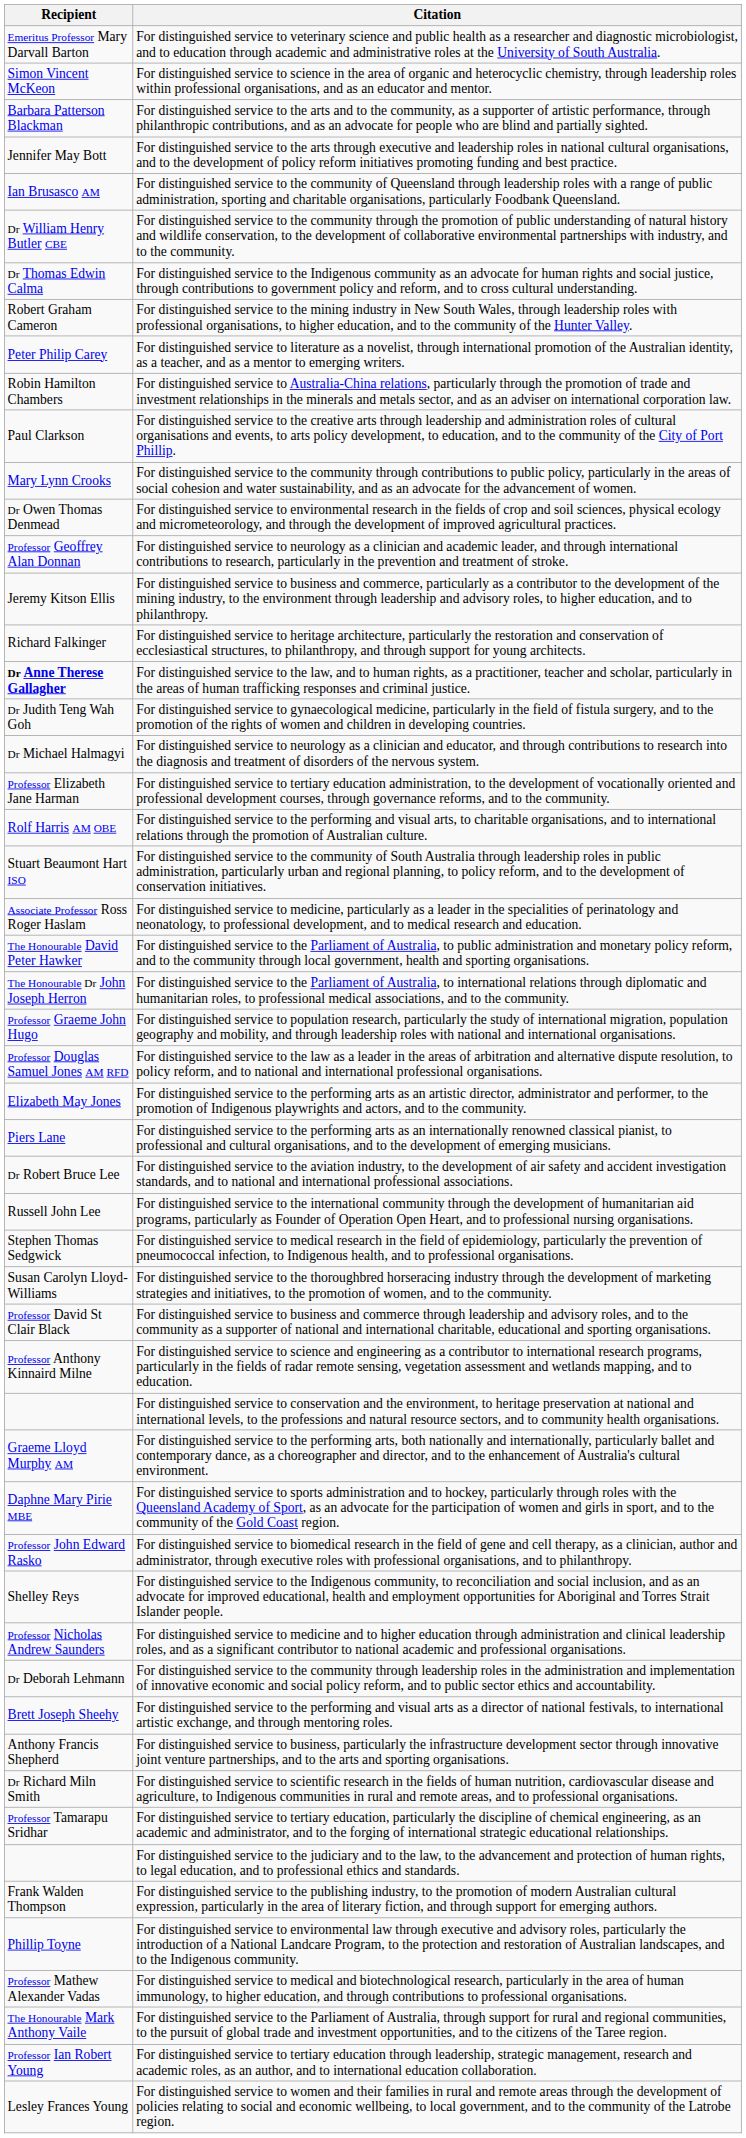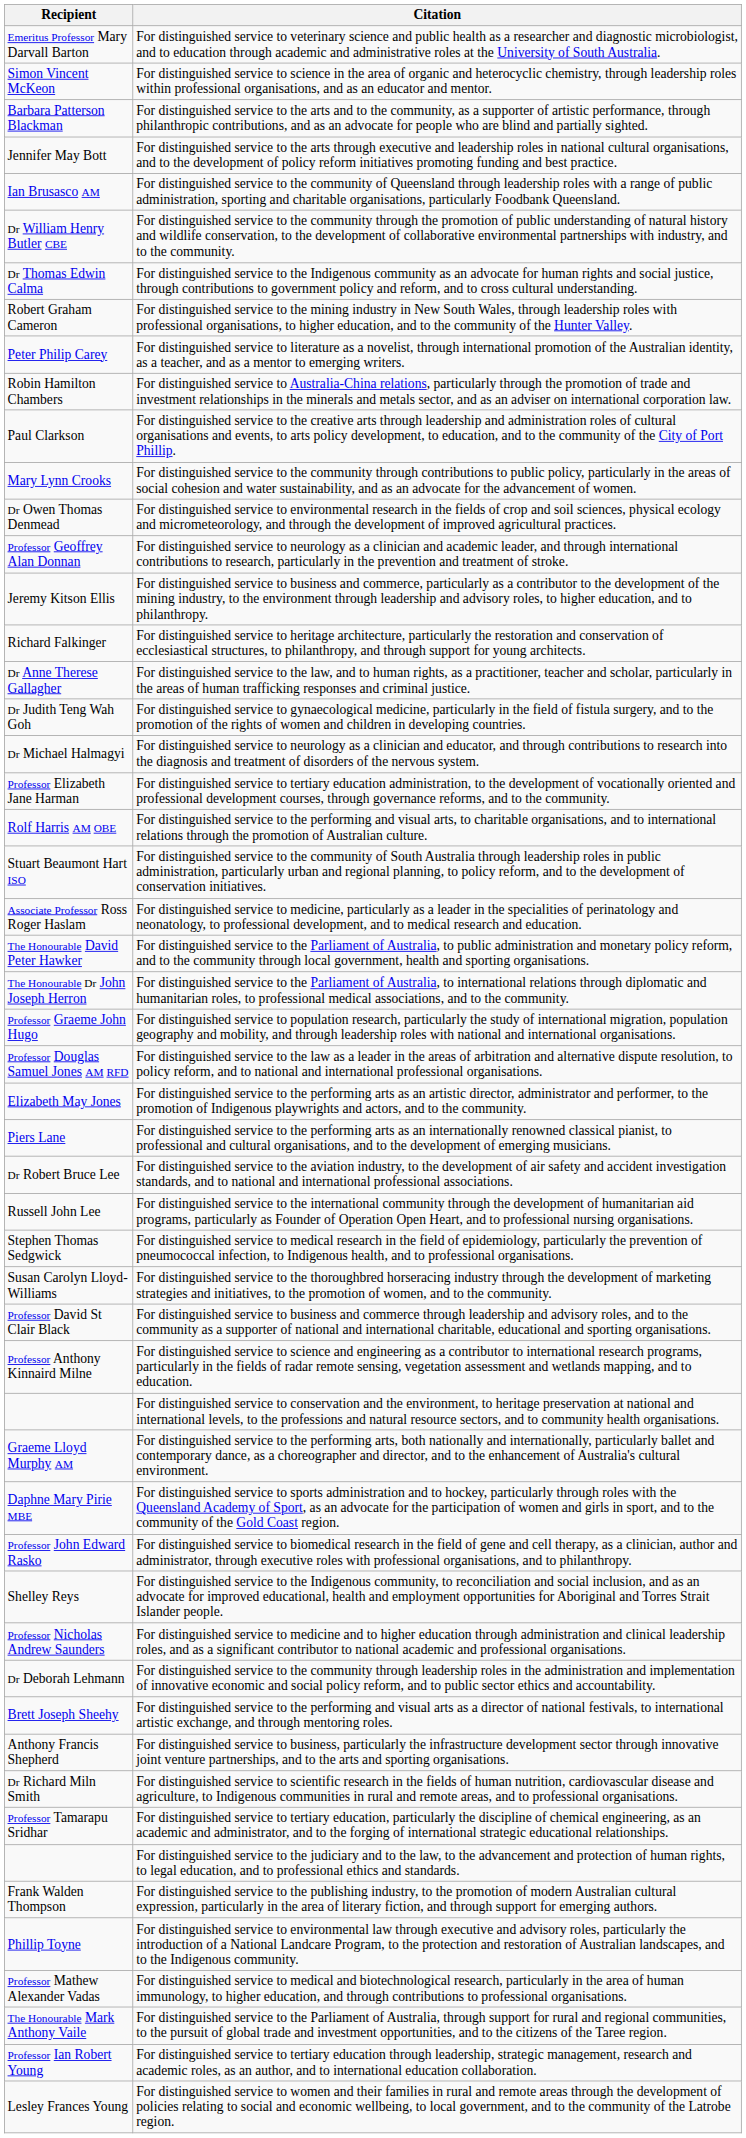 <table class=wikitable>
 <tr>
 <th>Recipient</th>
 <th>Citation</th>
 </tr>
 <tr>
 <td><small><a href='#'>Emeritus Professor</a></small> Mary Darvall Barton</td>
 <td>For distinguished service to veterinary science and public health as a researcher and diagnostic microbiologist, and to education through academic and administrative roles at the <a href='#'>University of South Australia</a>.</td>
 </tr>
 <tr>
 <td><a href='#'>Simon Vincent McKeon</a></td>
 <td>For distinguished service to science in the area of organic and heterocyclic chemistry, through leadership roles within professional organisations, and as an educator and mentor.</td>
 </tr>
 <tr>
 <td><a href='#'>Barbara Patterson Blackman</a></td>
 <td>For distinguished service to the arts and to the community, as a supporter of artistic performance, through philanthropic contributions, and as an advocate for people who are blind and partially sighted.</td>
 </tr>
 <tr>
 <td>Jennifer May Bott</td>
 <td>For distinguished service to the arts through executive and leadership roles in national cultural organisations, and to the development of policy reform initiatives promoting funding and best practice.</td>
 </tr>
 <tr>
 <td><a href='#'>Ian Brusasco</a> <small><a href='#'>AM</a></small></td>
 <td>For distinguished service to the community of Queensland through leadership roles with a range of public administration, sporting and charitable organisations, particularly Foodbank Queensland.</td>
 </tr>
 <tr>
 <td><small>Dr</small> <a href='#'>William Henry Butler</a> <small><a href='#'>CBE</a></small></td>
 <td>For distinguished service to the community through the promotion of public understanding of natural history and wildlife conservation, to the development of collaborative environmental partnerships with industry, and to the community.</td>
 </tr>
 <tr>
 <td><small>Dr</small> <a href='#'>Thomas Edwin Calma</a></td>
 <td>For distinguished service to the Indigenous community as an advocate for human rights and social justice, through contributions to government policy and reform, and to cross cultural understanding.</td>
 </tr>
 <tr>
 <td>Robert Graham Cameron</td>
 <td>For distinguished service to the mining industry in New South Wales, through leadership roles with professional organisations, to higher education, and to the community of the <a href='#'>Hunter Valley</a>.</td>
 </tr>
 <tr>
 <td><a href='#'>Peter Philip Carey</a></td>
 <td>For distinguished service to literature as a novelist, through international promotion of the Australian identity, as a teacher, and as a mentor to emerging writers.</td>
 </tr>
 <tr>
 <td>Robin Hamilton Chambers</td>
 <td>For distinguished service to <a href='#'>Australia-China relations</a>, particularly through the promotion of trade and investment relationships in the minerals and metals sector, and as an adviser on international corporation law.</td>
 </tr>
 <tr>
 <td>Paul Clarkson</td>
 <td>For distinguished service to the creative arts through leadership and administration roles of cultural organisations and events, to arts policy development, to education, and to the community of the <a href='#'>City of Port Phillip</a>.</td>
 </tr>
 <tr>
 <td><a href='#'>Mary Lynn Crooks</a></td>
 <td>For distinguished service to the community through contributions to public policy, particularly in the areas of social cohesion and water sustainability, and as an advocate for the advancement of women.</td>
 </tr>
 <tr>
 <td><small>Dr</small> Owen Thomas Denmead</td>
 <td>For distinguished service to environmental research in the fields of crop and soil sciences, physical ecology and micrometeorology, and through the development of improved agricultural practices.</td>
 </tr>
 <tr>
 <td><small><a href='#'>Professor</a></small> <a href='#'>Geoffrey Alan Donnan</a></td>
 <td>For distinguished service to neurology as a clinician and academic leader, and through international contributions to research, particularly in the prevention and treatment of stroke.</td>
 </tr>
 <tr>
 <td>Jeremy Kitson Ellis</td>
 <td>For distinguished service to business and commerce, particularly as a contributor to the development of the mining industry, to the environment through leadership and advisory roles, to higher education, and to philanthropy.</td>
 </tr>
 <tr>
 <td>Richard Falkinger</td>
 <td>For distinguished service to heritage architecture, particularly the restoration and conservation of ecclesiastical structures, to philanthropy, and through support for young architects.</td>
 </tr>
 <tr>
-<td><strong><small>Dr</small> <a href='#'>Anne Therese Gallagher</a></strong></td>
+<td><small>Dr</small> <a href='#'>Anne Therese Gallagher</a></td>
 <td>For distinguished service to the law, and to human rights, as a practitioner, teacher and scholar, particularly in the areas of human trafficking responses and criminal justice.</td>
 </tr>
 <tr>
 <td><small>Dr</small> Judith Teng Wah Goh</td>
 <td>For distinguished service to gynaecological medicine, particularly in the field of fistula surgery, and to the promotion of the rights of women and children in developing countries.</td>
 </tr>
 <tr>
 <td><small>Dr</small> Michael Halmagyi</td>
 <td>For distinguished service to neurology as a clinician and educator, and through contributions to research into the diagnosis and treatment of disorders of the nervous system.</td>
 </tr>
 <tr>
 <td><small><a href='#'>Professor</a></small> Elizabeth Jane Harman</td>
 <td>For distinguished service to tertiary education administration, to the development of vocationally oriented and professional development courses, through governance reforms, and to the community.</td>
 </tr>
 <tr>
 <td><a href='#'>Rolf Harris</a> <small><a href='#'>AM</a> <a href='#'>OBE</a></small></td>
 <td>For distinguished service to the performing and visual arts, to charitable organisations, and to international relations through the promotion of Australian culture.</td>
 </tr>
 <tr>
 <td>Stuart Beaumont Hart <small><a href='#'>ISO</a></small></td>
 <td>For distinguished service to the community of South Australia through leadership roles in public administration, particularly urban and regional planning, to policy reform, and to the development of conservation initiatives.</td>
 </tr>
 <tr>
 <td><small><a href='#'>Associate Professor</a></small> Ross Roger Haslam</td>
 <td>For distinguished service to medicine, particularly as a leader in the specialities of perinatology and neonatology, to professional development, and to medical research and education.</td>
 </tr>
 <tr>
 <td><small><a href='#'>The Honourable</a></small> <a href='#'>David Peter Hawker</a></td>
 <td>For distinguished service to the <a href='#'>Parliament of Australia</a>, to public administration and monetary policy reform, and to the community through local government, health and sporting organisations.</td>
 </tr>
 <tr>
 <td><small><a href='#'>The Honourable</a> Dr</small> <a href='#'>John Joseph Herron</a></td>
 <td>For distinguished service to the <a href='#'>Parliament of Australia</a>, to international relations through diplomatic and humanitarian roles, to professional medical associations, and to the community.</td>
 </tr>
 <tr>
 <td><small><a href='#'>Professor</a></small> <a href='#'>Graeme John Hugo</a></td>
 <td>For distinguished service to population research, particularly the study of international migration, population geography and mobility, and through leadership roles with national and international organisations.</td>
 </tr>
 <tr>
 <td><small><a href='#'>Professor</a></small> <a href='#'>Douglas Samuel Jones</a> <small><a href='#'>AM</a> <a href='#'>RFD</a></small></td>
 <td>For distinguished service to the law as a leader in the areas of arbitration and alternative dispute resolution, to policy reform, and to national and international professional organisations.</td>
 </tr>
 <tr>
 <td><a href='#'>Elizabeth May Jones</a></td>
 <td>For distinguished service to the performing arts as an artistic director, administrator and performer, to the promotion of Indigenous playwrights and actors, and to the community.</td>
 </tr>
 <tr>
 <td><a href='#'>Piers Lane</a></td>
 <td>For distinguished service to the performing arts as an internationally renowned classical pianist, to professional and cultural organisations, and to the development of emerging musicians.</td>
 </tr>
 <tr>
 <td><small>Dr</small> Robert Bruce Lee</td>
 <td>For distinguished service to the aviation industry, to the development of air safety and accident investigation standards, and to national and international professional associations.</td>
 </tr>
 <tr>
 <td>Russell John Lee</td>
 <td>For distinguished service to the international community through the development of humanitarian aid programs, particularly as Founder of Operation Open Heart, and to professional nursing organisations.</td>
 </tr>
 <tr>
 <td>Stephen Thomas Sedgwick</td>
 <td>For distinguished service to medical research in the field of epidemiology, particularly the prevention of pneumococcal infection, to Indigenous health, and to professional organisations.</td>
 </tr>
 <tr>
 <td>Susan Carolyn Lloyd-Williams</td>
 <td>For distinguished service to the thoroughbred horseracing industry through the development of marketing strategies and initiatives, to the promotion of women, and to the community.</td>
 </tr>
 <tr>
 <td><small><a href='#'>Professor</a></small> David St Clair Black</td>
 <td>For distinguished service to business and commerce through leadership and advisory roles, and to the community as a supporter of national and international charitable, educational and sporting organisations.</td>
 </tr>
 <tr>
 <td><small><a href='#'>Professor</a></small> Anthony Kinnaird Milne</td>
 <td>For distinguished service to science and engineering as a contributor to international research programs, particularly in the fields of radar remote sensing, vegetation assessment and wetlands mapping, and to education.</td>
 </tr>
 <tr>
 <td></td>
 <td>For distinguished service to conservation and the environment, to heritage preservation at national and international levels, to the professions and natural resource sectors, and to community health organisations.</td>
 </tr>
 <tr>
 <td><a href='#'>Graeme Lloyd Murphy</a> <small><a href='#'>AM</a></small></td>
 <td>For distinguished service to the performing arts, both nationally and internationally, particularly ballet and contemporary dance, as a choreographer and director, and to the enhancement of Australia's cultural environment.</td>
 </tr>
 <tr>
 <td><a href='#'>Daphne Mary Pirie</a> <small><a href='#'>MBE</a></small></td>
 <td>For distinguished service to sports administration and to hockey, particularly through roles with the <a href='#'>Queensland Academy of Sport</a>, as an advocate for the participation of women and girls in sport, and to the community of the <a href='#'>Gold Coast</a> region.</td>
 </tr>
 <tr>
 <td><small><a href='#'>Professor</a></small> <a href='#'>John Edward Rasko</a></td>
 <td>For distinguished service to biomedical research in the field of gene and cell therapy, as a clinician, author and administrator, through executive roles with professional organisations, and to philanthropy.</td>
 </tr>
 <tr>
 <td>Shelley Reys</td>
 <td>For distinguished service to the Indigenous community, to reconciliation and social inclusion, and as an advocate for improved educational, health and employment opportunities for Aboriginal and Torres Strait Islander people.</td>
 </tr>
 <tr>
 <td><small><a href='#'>Professor</a></small> <a href='#'>Nicholas Andrew Saunders</a></td>
 <td>For distinguished service to medicine and to higher education through administration and clinical leadership roles, and as a significant contributor to national academic and professional organisations.</td>
 </tr>
 <tr>
 <td><small>Dr</small> Deborah Lehmann</td>
 <td>For distinguished service to the community through leadership roles in the administration and implementation of innovative economic and social policy reform, and to public sector ethics and accountability.</td>
 </tr>
 <tr e>
 <td><a href='#'>Brett Joseph Sheehy</a></td>
 <td>For distinguished service to the performing and visual arts as a director of national festivals, to international artistic exchange, and through mentoring roles.</td>
 </tr>
 <tr>
 <td>Anthony Francis Shepherd</td>
 <td>For distinguished service to business, particularly the infrastructure development sector through innovative joint venture partnerships, and to the arts and sporting organisations.</td>
 </tr>
 <tr>
 <td><small>Dr</small> Richard Miln Smith</td>
 <td>For distinguished service to scientific research in the fields of human nutrition, cardiovascular disease and agriculture, to Indigenous communities in rural and remote areas, and to professional organisations.</td>
 </tr>
 <tr>
 <td><small><a href='#'>Professor</a></small> Tamarapu Sridhar</td>
 <td>For distinguished service to tertiary education, particularly the discipline of chemical engineering, as an academic and administrator, and to the forging of international strategic educational relationships.</td>
 </tr>
 <tr>
 <td></td>
 <td>For distinguished service to the judiciary and to the law, to the advancement and protection of human rights, to legal education, and to professional ethics and standards.</td>
 </tr>
 <tr>
 <td>Frank Walden Thompson</td>
 <td>For distinguished service to the publishing industry, to the promotion of modern Australian cultural expression, particularly in the area of literary fiction, and through support for emerging authors.</td>
 </tr>
 <tr>
 <td><a href='#'>Phillip Toyne</a></td>
 <td>For distinguished service to environmental law through executive and advisory roles, particularly the introduction of a National Landcare Program, to the protection and restoration of Australian landscapes, and to the Indigenous community.</td>
 </tr>
 <tr>
 <td><small><a href='#'>Professor</a></small> Mathew Alexander Vadas</td>
 <td>For distinguished service to medical and biotechnological research, particularly in the area of human immunology, to higher education, and through contributions to professional organisations.</td>
 </tr>
 <tr>
 <td><small><a href='#'>The Honourable</a></small> <a href='#'>Mark Anthony Vaile</a></td>
 <td>For distinguished service to the Parliament of Australia, through support for rural and regional communities, to the pursuit of global trade and investment opportunities, and to the citizens of the Taree region.</td>
 </tr>
 <tr>
 <td><small><a href='#'>Professor</a></small> <a href='#'>Ian Robert Young</a></td>
 <td>For distinguished service to tertiary education through leadership, strategic management, research and academic roles, as an author, and to international education collaboration.</td>
 </tr>
 <tr>
 <td>Lesley Frances Young</td>
 <td>For distinguished service to women and their families in rural and remote areas through the development of policies relating to social and economic wellbeing, to local government, and to the community of the Latrobe region.</td>
 </tr>
 </table>
